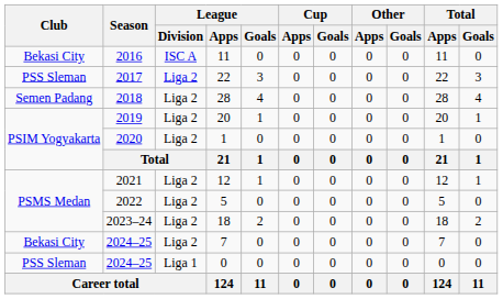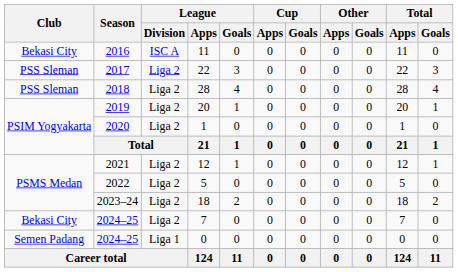 <table class="wikitable" style="text-align:center">
 <tr>
 <th rowspan="2">Club</th>
 <th rowspan="2">Season</th>
 <th colspan="3">League</th>
 <th colspan="2">Cup</th>
 <th colspan="2">Other</th>
 <th colspan="2">Total</th>
 </tr>
 <tr>
 <th>Division</th>
 <th>Apps</th>
 <th>Goals</th>
 <th>Apps</th>
 <th>Goals</th>
 <th>Apps</th>
 <th>Goals</th>
 <th>Apps</th>
 <th>Goals</th>
 </tr>
 <tr>
 <td><a href='#'>Bekasi City</a></td>
 <td><a href='#'>2016</a></td>
 <td><a href='#'>ISC A</a></td>
 <td>11</td>
 <td>0</td>
 <td>0</td>
 <td>0</td>
 <td>0</td>
 <td>0</td>
 <td>11</td>
 <td>0</td>
 </tr>
 <tr>
 <td><a href='#'>PSS Sleman</a></td>
 <td><a href='#'>2017</a></td>
 <td rowspan="1" valign="center"><a href='#'>Liga 2</a></td>
 <td>22</td>
 <td>3</td>
 <td>0</td>
 <td>0</td>
 <td>0</td>
 <td>0</td>
 <td>22</td>
 <td>3</td>
 </tr>
 <tr>
-<td><a href='#'>Semen Padang</a></td>
+<td><a href='#'>PSS Sleman</a></td>
 <td><a href='#'>2018</a></td>
 <td rowspan="1" valign="center">Liga 2</td>
 <td>28</td>
 <td>4</td>
 <td>0</td>
 <td>0</td>
 <td>0</td>
 <td>0</td>
 <td>28</td>
 <td>4</td>
 </tr>
 <tr>
 <td rowspan="3" valign="center"><a href='#'>PSIM Yogyakarta</a></td>
 <td><a href='#'>2019</a></td>
 <td rowspan="1" valign="center">Liga 2</td>
 <td>20</td>
 <td>1</td>
 <td>0</td>
 <td>0</td>
 <td>0</td>
 <td>0</td>
 <td>20</td>
 <td>1</td>
 </tr>
 <tr>
 <td><a href='#'>2020</a></td>
 <td rowspan="1" valign="center">Liga 2</td>
 <td>1</td>
 <td>0</td>
 <td>0</td>
 <td>0</td>
 <td>0</td>
 <td>0</td>
 <td>1</td>
 <td>0</td>
 </tr>
 <tr>
 <th colspan="2">Total</th>
 <th>21</th>
 <th>1</th>
 <th>0</th>
 <th>0</th>
 <th>0</th>
 <th>0</th>
 <th>21</th>
 <th>1</th>
 </tr>
 <tr>
 <td rowspan="3" valign="center"><a href='#'>PSMS Medan</a></td>
 <td>2021</td>
 <td rowspan="1" valign="center">Liga 2</td>
 <td>12</td>
 <td>1</td>
 <td>0</td>
 <td>0</td>
 <td>0</td>
 <td>0</td>
 <td>12</td>
 <td>1</td>
 </tr>
 <tr>
 <td>2022</td>
 <td rowspan="1" valign="center">Liga 2</td>
 <td>5</td>
 <td>0</td>
 <td>0</td>
 <td>0</td>
 <td>0</td>
 <td>0</td>
 <td>5</td>
 <td>0</td>
 </tr>
 <tr>
 <td>2023–24</td>
 <td rowspan="1" valign="center">Liga 2</td>
 <td>18</td>
 <td>2</td>
 <td>0</td>
 <td>0</td>
 <td>0</td>
 <td>0</td>
 <td>18</td>
 <td>2</td>
 </tr>
 <tr>
 <td><a href='#'>Bekasi City</a></td>
 <td><a href='#'>2024–25</a></td>
 <td rowspan="1" valign="center">Liga 2</td>
 <td>7</td>
 <td>0</td>
 <td>0</td>
 <td>0</td>
 <td>0</td>
 <td>0</td>
 <td>7</td>
 <td>0</td>
 </tr>
 <tr>
-<td><a href='#'>PSS Sleman</a></td>
+<td><a href='#'>Semen Padang</a></td>
 <td><a href='#'>2024–25</a></td>
 <td rowspan="1" valign="center">Liga 1</td>
 <td>0</td>
 <td>0</td>
 <td>0</td>
 <td>0</td>
 <td>0</td>
 <td>0</td>
 <td>0</td>
 <td>0</td>
 </tr>
 <tr>
 <th colspan="3">Career total</th>
 <th>124</th>
 <th>11</th>
 <th>0</th>
 <th>0</th>
 <th>0</th>
 <th>0</th>
 <th>124</th>
 <th>11</th>
 </tr>
 </table>
